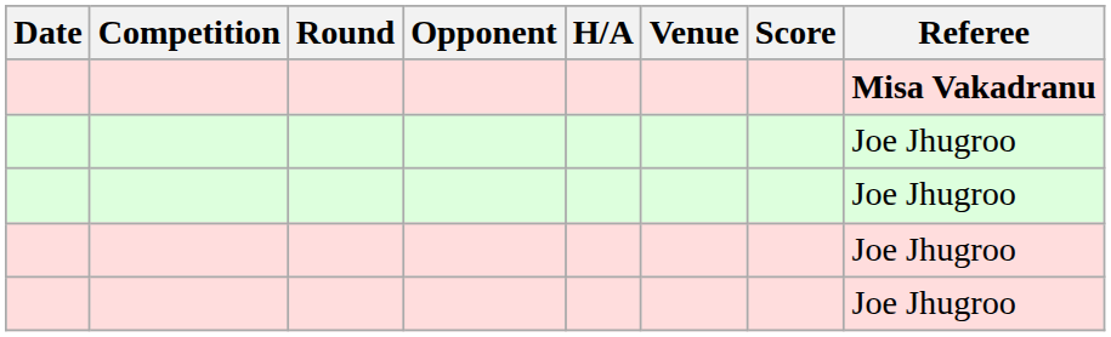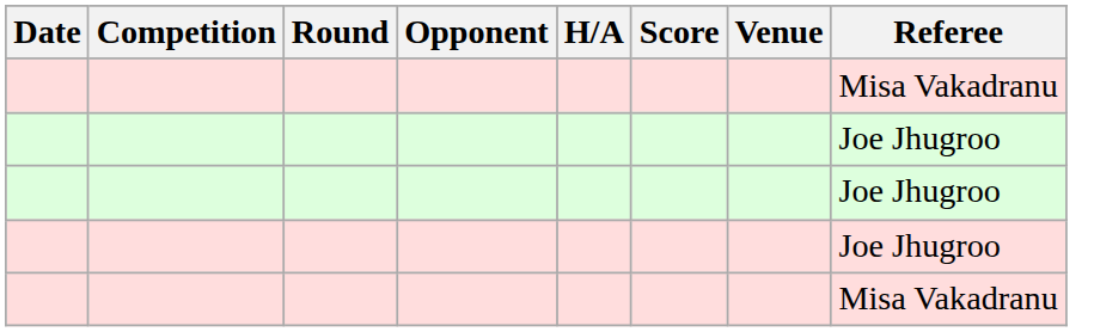 <table class="wikitable">
 <tr>
 <th>Date</th>
 <th>Competition</th>
 <th>Round</th>
 <th>Opponent</th>
 <th>H/A</th>
+<th>Score</th>
 <th>Venue</th>
-<th>Score</th>
 <th>Referee</th>
 </tr>
 <tr style="background:#ffdddd;">
 <td></td>
 <td></td>
 <td></td>
 <td></td>
 <td></td>
 <td></td>
 <td></td>
-<td><strong> Misa Vakadranu</strong></td>
+<td> Misa Vakadranu</td>
 </tr>
 <tr style="background:#ddffdd;">
 <td></td>
 <td></td>
 <td></td>
 <td></td>
 <td></td>
 <td></td>
 <td></td>
 <td> Joe Jhugroo</td>
 </tr>
 <tr style="background:#ddffdd;">
 <td></td>
 <td></td>
 <td></td>
 <td></td>
 <td></td>
 <td></td>
 <td></td>
 <td> Joe Jhugroo</td>
 </tr>
 <tr style="background:#ffdddd;">
 <td></td>
 <td></td>
 <td></td>
 <td></td>
 <td></td>
 <td></td>
 <td></td>
 <td> Joe Jhugroo</td>
 </tr>
 <tr style="background:#ffdddd;">
 <td></td>
 <td></td>
 <td></td>
 <td></td>
 <td></td>
 <td></td>
 <td></td>
-<td> Joe Jhugroo</td>
+<td> Misa Vakadranu</td>
 </tr>
 </table>
